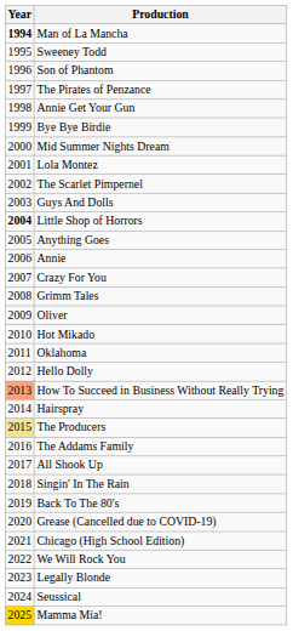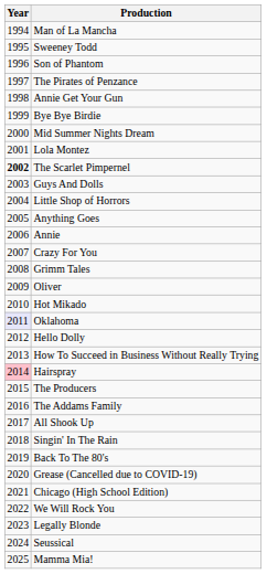 <table class= "wikitable">
 <tr>
 <th>Year</th>
 <th>Production</th>
 </tr>
 <tr>
-<td><strong>1994</strong></td>
+<td>1994</td>
 <td>Man of La Mancha</td>
 </tr>
 <tr>
 <td>1995</td>
 <td>Sweeney Todd</td>
 </tr>
 <tr>
 <td>1996</td>
 <td>Son of Phantom</td>
 </tr>
 <tr>
 <td>1997</td>
 <td>The Pirates of Penzance</td>
 </tr>
 <tr>
 <td>1998</td>
 <td>Annie Get Your Gun</td>
 </tr>
 <tr>
 <td>1999</td>
 <td>Bye Bye Birdie</td>
 </tr>
 <tr>
 <td>2000</td>
 <td>Mid Summer Nights Dream</td>
 </tr>
 <tr>
 <td>2001</td>
 <td>Lola Montez</td>
 </tr>
 <tr>
-<td>2002</td>
+<td><strong>2002</strong></td>
 <td>The Scarlet Pimpernel</td>
 </tr>
 <tr>
 <td>2003</td>
 <td>Guys And Dolls</td>
 </tr>
 <tr>
-<td><strong>2004</strong></td>
+<td>2004</td>
 <td>Little Shop of Horrors</td>
 </tr>
 <tr>
 <td>2005</td>
 <td>Anything Goes</td>
 </tr>
 <tr>
 <td>2006</td>
 <td>Annie</td>
 </tr>
 <tr>
 <td>2007</td>
 <td>Crazy For You</td>
 </tr>
 <tr>
 <td>2008</td>
 <td>Grimm Tales</td>
 </tr>
 <tr>
 <td>2009</td>
 <td>Oliver</td>
 </tr>
 <tr>
 <td>2010</td>
 <td>Hot Mikado</td>
 </tr>
 <tr>
-<td>2011</td>
+<td style="background: lavender;">2011</td>
 <td>Oklahoma</td>
 </tr>
 <tr>
 <td>2012</td>
 <td>Hello Dolly</td>
 </tr>
 <tr>
-<td style="background: lightsalmon;">2013</td>
+<td>2013</td>
 <td>How To Succeed in Business Without Really Trying</td>
 </tr>
 <tr>
-<td>2014</td>
+<td style="background: pink;">2014</td>
 <td>Hairspray</td>
 </tr>
 <tr>
-<td style="background: khaki;">2015</td>
+<td>2015</td>
 <td>The Producers</td>
 </tr>
 <tr>
 <td>2016</td>
 <td>The Addams Family</td>
 </tr>
 <tr>
 <td>2017</td>
 <td>All Shook Up</td>
 </tr>
 <tr>
 <td>2018</td>
 <td>Singin' In The Rain</td>
 </tr>
 <tr>
 <td>2019</td>
 <td>Back To The 80's</td>
 </tr>
 <tr>
 <td>2020</td>
 <td>Grease (Cancelled due to COVID-19)</td>
 </tr>
 <tr>
 <td>2021</td>
 <td>Chicago (High School Edition)</td>
 </tr>
 <tr>
 <td>2022</td>
 <td>We Will Rock You</td>
 </tr>
 <tr>
 <td>2023</td>
 <td>Legally Blonde</td>
 </tr>
 <tr>
 <td>2024</td>
 <td>Seussical</td>
 </tr>
 <tr>
-<td style="background: gold;">2025</td>
+<td>2025</td>
 <td>Mamma Mia!</td>
 </tr>
 </table>
